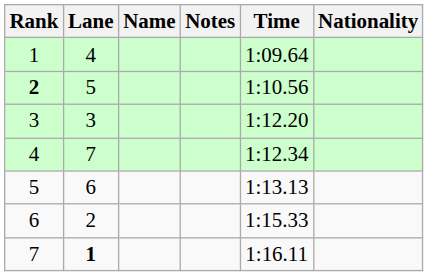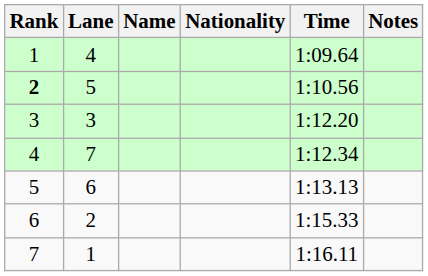 <table class="wikitable sortable" style="text-align:center">
 <tr>
 <th>Rank</th>
 <th>Lane</th>
 <th>Name</th>
+<th>Nationality</th>
+<th>Time</th>
 <th>Notes</th>
-<th>Time</th>
-<th>Nationality</th>
 </tr>
 <tr bgcolor=ccffcc>
 <td>1</td>
 <td>4</td>
 <td align=left></td>
+<td align=left></td>
+<td>1:09.64</td>
 <td><strong></strong></td>
-<td>1:09.64</td>
-<td align=left></td>
 </tr>
 <tr bgcolor=ccffcc>
 <td><strong>2</strong></td>
 <td>5</td>
 <td align=left></td>
+<td align=left></td>
+<td>1:10.56</td>
 <td><strong></strong></td>
-<td>1:10.56</td>
-<td align=left></td>
 </tr>
 <tr bgcolor=ccffcc>
 <td>3</td>
 <td>3</td>
 <td align=left></td>
+<td align=left></td>
+<td>1:12.20</td>
 <td><strong></strong></td>
-<td>1:12.20</td>
-<td align=left></td>
 </tr>
 <tr bgcolor=ccffcc>
 <td>4</td>
 <td>7</td>
 <td align=left></td>
+<td align=left></td>
+<td>1:12.34</td>
 <td><strong></strong></td>
-<td>1:12.34</td>
-<td align=left></td>
 </tr>
 <tr>
 <td>5</td>
 <td>6</td>
 <td align=left></td>
+<td align=left></td>
+<td>1:13.13</td>
 <td></td>
-<td>1:13.13</td>
-<td align=left></td>
 </tr>
 <tr>
 <td>6</td>
 <td>2</td>
 <td align=left></td>
+<td align=left></td>
+<td>1:15.33</td>
 <td></td>
-<td>1:15.33</td>
-<td align=left></td>
 </tr>
 <tr>
 <td>7</td>
-<td><strong>1</strong></td>
+<td>1</td>
 <td align=left></td>
+<td align=left></td>
+<td>1:16.11</td>
 <td></td>
-<td>1:16.11</td>
-<td align=left></td>
 </tr>
 </table>
